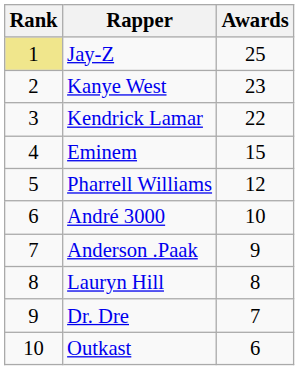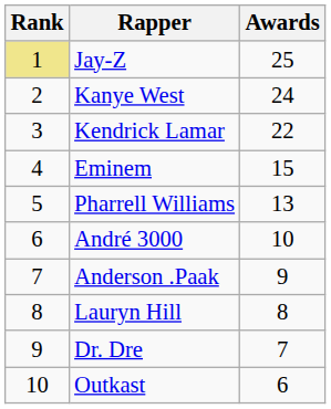 <table class="wikitable" style="text-align: center; cellpadding: 2;">
 <tr>
 <th>Rank</th>
 <th>Rapper</th>
 <th>Awards</th>
 </tr>
 <tr>
 <td style="background: khaki;">1</td>
 <td style="text-align: left;"><a href='#'>Jay-Z</a></td>
 <td>25</td>
 </tr>
 <tr>
 <td>2</td>
 <td style="text-align: left;"><a href='#'>Kanye West</a></td>
-<td>23</td>
+<td>24</td>
 </tr>
 <tr>
 <td>3</td>
 <td style="text-align: left;"><a href='#'>Kendrick Lamar</a></td>
 <td>22</td>
 </tr>
 <tr>
 <td>4</td>
 <td style="text-align: left;"><a href='#'>Eminem</a></td>
 <td>15</td>
 </tr>
 <tr>
 <td>5</td>
 <td style="text-align: left;"><a href='#'>Pharrell Williams</a></td>
-<td>12</td>
+<td>13</td>
 </tr>
 <tr>
 <td>6</td>
 <td style="text-align: left;"><a href='#'>André 3000</a></td>
 <td>10</td>
 </tr>
 <tr>
 <td>7</td>
 <td style="text-align: left;"><a href='#'>Anderson .Paak</a></td>
 <td>9</td>
 </tr>
 <tr>
 <td>8</td>
 <td style="text-align: left;"><a href='#'>Lauryn Hill</a></td>
 <td>8</td>
 </tr>
 <tr>
 <td>9</td>
 <td style="text-align: left;"><a href='#'>Dr. Dre</a></td>
 <td>7</td>
 </tr>
 <tr>
 <td>10</td>
 <td style="text-align: left;"><a href='#'>Outkast</a></td>
 <td>6</td>
 </tr>
 </table>
